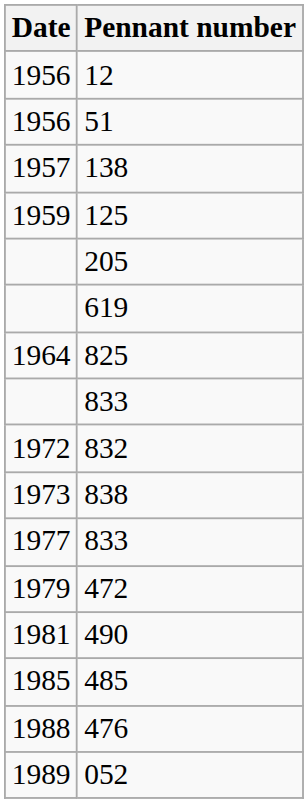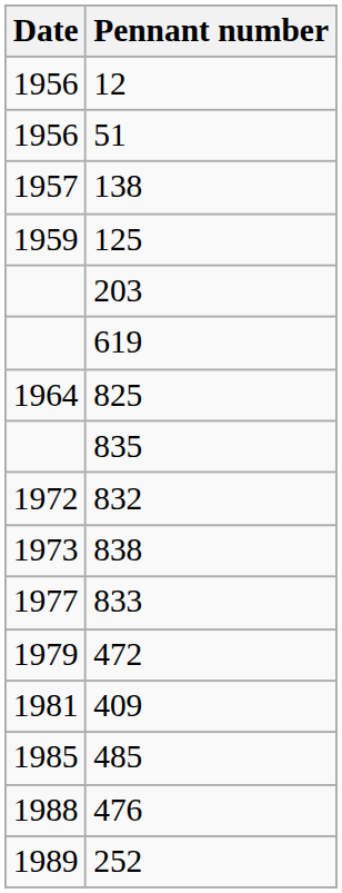 <table class="wikitable">
 <tr>
 <th>Date</th>
 <th>Pennant number</th>
 </tr>
 <tr>
 <td>1956</td>
 <td>12</td>
 </tr>
 <tr>
 <td>1956</td>
 <td>51</td>
 </tr>
 <tr>
 <td>1957</td>
 <td>138</td>
 </tr>
 <tr>
 <td>1959</td>
 <td>125</td>
 </tr>
 <tr>
 <td></td>
-<td>205</td>
+<td>203</td>
 </tr>
 <tr>
 <td></td>
 <td>619</td>
 </tr>
 <tr>
 <td>1964</td>
 <td>825</td>
 </tr>
 <tr>
 <td></td>
-<td>833</td>
+<td>835</td>
 </tr>
 <tr>
 <td>1972</td>
 <td>832</td>
 </tr>
 <tr>
 <td>1973</td>
 <td>838</td>
 </tr>
 <tr>
 <td>1977</td>
 <td>833</td>
 </tr>
 <tr>
 <td>1979</td>
 <td>472</td>
 </tr>
 <tr>
 <td>1981</td>
-<td>490</td>
+<td>409</td>
 </tr>
 <tr>
 <td>1985</td>
 <td>485</td>
 </tr>
 <tr>
 <td>1988</td>
 <td>476</td>
 </tr>
 <tr>
 <td>1989</td>
-<td>052</td>
+<td>252</td>
 </tr>
 </table>
